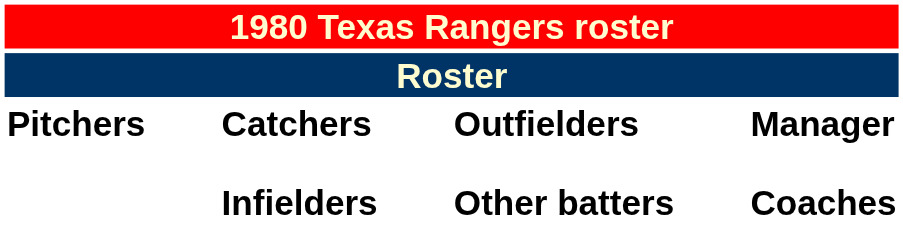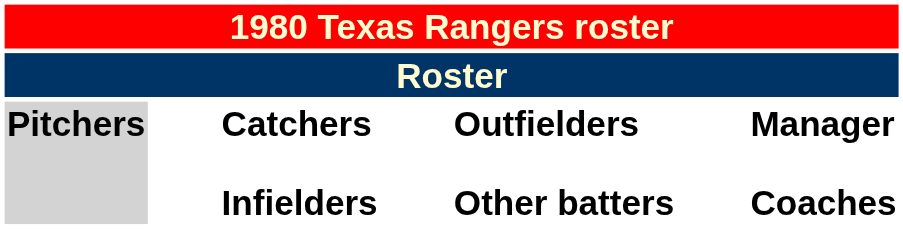 <table class="toccolours" style="font-size: 95%;">
 <tr>
 <th colspan="10" style="background-color: red; color: #FFFDD0; text-align: center;">1980 Texas Rangers roster</th>
 </tr>
 <tr>
 <td colspan="10" style="background-color: #003366; color: #FFFDD0; text-align: center;"><strong>Roster</strong></td>
 </tr>
 <tr>
-<td valign="top"><strong>Pitchers</strong><br>                   </td>
+<td valign="top" style="background: lightgrey;"><strong>Pitchers</strong><br>                   </td>
 <td width="25px"></td>
 <td valign="top"><strong>Catchers</strong><br><br><strong>Infielders</strong>            </td>
 <td width="25px"></td>
 <td valign="top"><strong>Outfielders</strong><br>      <br><strong>Other batters</strong> </td>
 <td width="25px"></td>
 <td valign="top"><strong>Manager</strong><br><br><strong>Coaches</strong>     </td>
 </tr>
 <tr>
 </tr>
 </table>
